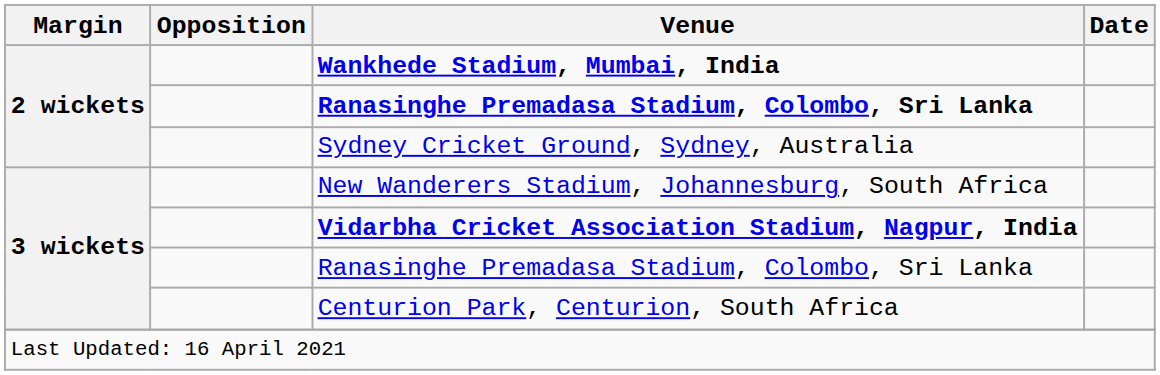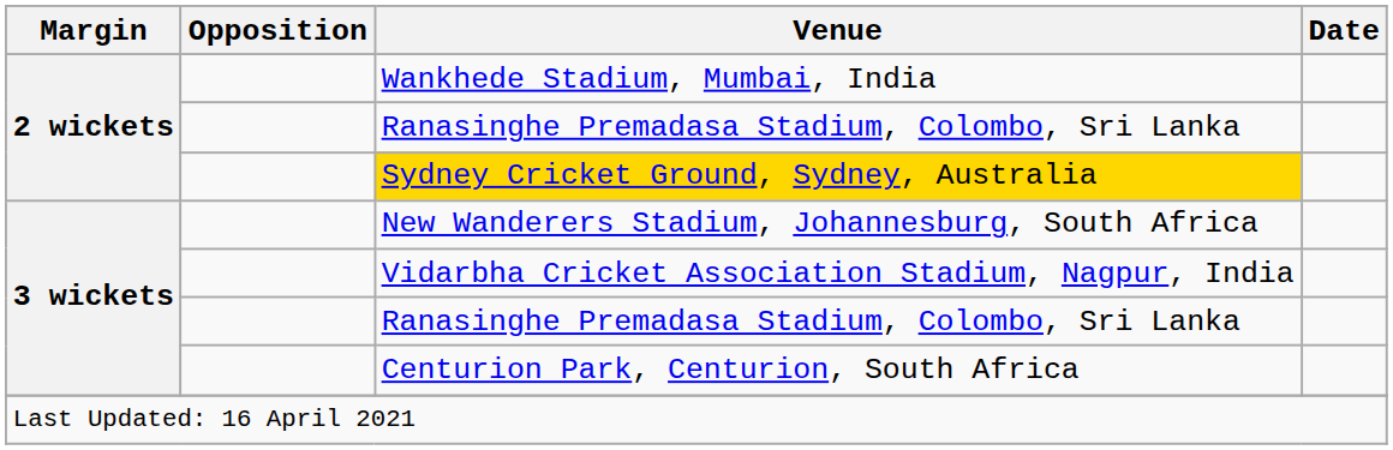 <table class="wikitable plainrowheaders sortable">
 <tr>
 <th scope=col>Margin</th>
 <th scope=col>Opposition</th>
 <th scope=col>Venue</th>
 <th scope=col>Date</th>
 </tr>
 <tr>
 <th scope=row style=text-align:center rowspan=3><strong>2 wickets</strong></th>
 <td></td>
-<td><strong><a href='#'>Wankhede Stadium</a>, <a href='#'>Mumbai</a>, India</strong></td>
+<td><a href='#'>Wankhede Stadium</a>, <a href='#'>Mumbai</a>, India</td>
 <td> </td>
 </tr>
 <tr>
 <td></td>
-<td><strong><a href='#'>Ranasinghe Premadasa Stadium</a>, <a href='#'>Colombo</a>, Sri Lanka</strong></td>
+<td><a href='#'>Ranasinghe Premadasa Stadium</a>, <a href='#'>Colombo</a>, Sri Lanka</td>
 <td> </td>
 </tr>
 <tr>
 <td></td>
-<td><a href='#'>Sydney Cricket Ground</a>, <a href='#'>Sydney</a>, Australia</td>
+<td style="background: gold;"><a href='#'>Sydney Cricket Ground</a>, <a href='#'>Sydney</a>, Australia</td>
 <td></td>
 </tr>
 <tr>
 <th scope=row style=text-align:center rowspan=4><strong>3 wickets</strong></th>
 <td></td>
 <td><a href='#'>New Wanderers Stadium</a>, <a href='#'>Johannesburg</a>, South Africa</td>
 <td></td>
 </tr>
 <tr>
 <td></td>
-<td><strong><a href='#'>Vidarbha Cricket Association Stadium</a>, <a href='#'>Nagpur</a>, India</strong></td>
+<td><a href='#'>Vidarbha Cricket Association Stadium</a>, <a href='#'>Nagpur</a>, India</td>
 <td> </td>
 </tr>
 <tr>
 <td></td>
 <td><a href='#'>Ranasinghe Premadasa Stadium</a>, <a href='#'>Colombo</a>, Sri Lanka</td>
 <td></td>
 </tr>
 <tr>
 <td></td>
 <td><a href='#'>Centurion Park</a>, <a href='#'>Centurion</a>, South Africa</td>
 <td></td>
 </tr>
 <tr>
 </tr>
 <tr class=sortbottom>
 <td colspan="4"><small>Last Updated: 16 April 2021</small></td>
 </tr>
 </table>
